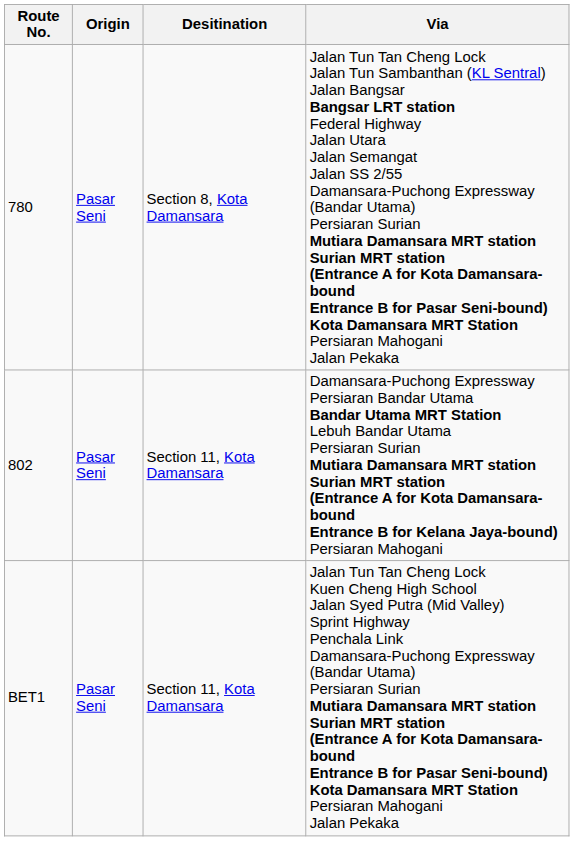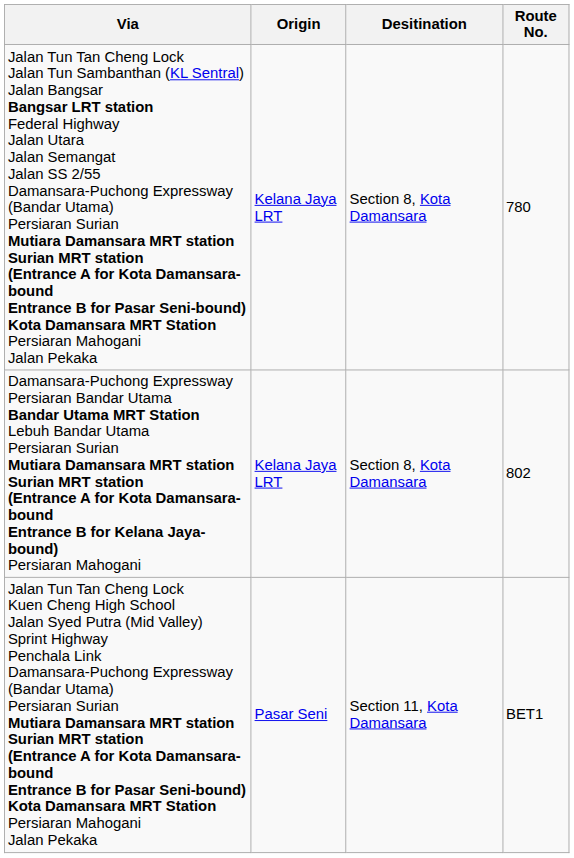 <table class="wikitable">
 <tr>
-<th>Route No.</th>
+<th>Via</th>
 <th>Origin</th>
 <th>Desitination</th>
-<th>Via</th>
+<th>Route No.</th>
 </tr>
 <tr>
+<td>Jalan Tun Tan Cheng Lock <br> Jalan Tun Sambanthan (<a href='#'>KL Sentral</a>)<br> Jalan Bangsar <br>  <strong>Bangsar LRT station</strong> <br> Federal Highway <br> Jalan Utara <br> Jalan Semangat <br> Jalan SS 2/55 <br> Damansara-Puchong Expressway (Bandar Utama)<br> Persiaran Surian <br>  <strong>Mutiara Damansara MRT station</strong> <br>  <strong>Surian MRT station <br> (Entrance A for Kota Damansara-bound <br> Entrance B for Pasar Seni-bound)</strong> <br> <strong>Kota Damansara MRT Station</strong><br> Persiaran Mahogani <br> Jalan Pekaka</td>
+<td> <a href='#'>Kelana Jaya LRT</a></td>
+<td>Section 8, <a href='#'>Kota Damansara</a></td>
 <td>780</td>
-<td> <a href='#'>Pasar Seni</a></td>
-<td>Section 8, <a href='#'>Kota Damansara</a></td>
-<td>Jalan Tun Tan Cheng Lock <br> Jalan Tun Sambanthan (<a href='#'>KL Sentral</a>)<br> Jalan Bangsar <br>  <strong>Bangsar LRT station</strong> <br> Federal Highway <br> Jalan Utara <br> Jalan Semangat <br> Jalan SS 2/55 <br> Damansara-Puchong Expressway (Bandar Utama)<br> Persiaran Surian <br>  <strong>Mutiara Damansara MRT station</strong> <br>  <strong>Surian MRT station <br> (Entrance A for Kota Damansara-bound <br> Entrance B for Pasar Seni-bound)</strong> <br> <strong>Kota Damansara MRT Station</strong><br> Persiaran Mahogani <br> Jalan Pekaka</td>
 </tr>
 <tr>
+<td>Damansara-Puchong Expressway <br> Persiaran Bandar Utama <br> <strong>Bandar Utama MRT Station</strong><br> Lebuh Bandar Utama <br> Persiaran Surian <br>  <strong>Mutiara Damansara MRT station</strong> <br>  <strong>Surian MRT station <br> (Entrance A for Kota Damansara-bound <br> Entrance B for Kelana Jaya-bound)</strong> <br> Persiaran Mahogani</td>
+<td> <a href='#'>Kelana Jaya LRT</a></td>
+<td>Section 8, <a href='#'>Kota Damansara</a></td>
 <td>802</td>
+</tr>
+<tr>
+<td>Jalan Tun Tan Cheng Lock <br> Kuen Cheng High School <br> Jalan Syed Putra (Mid Valley) <br> Sprint Highway <br> Penchala Link <br> Damansara-Puchong Expressway (Bandar Utama) <br> Persiaran Surian <br>  <strong>Mutiara Damansara MRT station</strong> <br>  <strong>Surian MRT station <br> (Entrance A for Kota Damansara-bound <br> Entrance B for Pasar Seni-bound)</strong> <br> <strong>Kota Damansara MRT Station</strong><br> Persiaran Mahogani <br> Jalan Pekaka</td>
 <td> <a href='#'>Pasar Seni</a></td>
 <td>Section 11, <a href='#'>Kota Damansara</a></td>
-<td>Damansara-Puchong Expressway <br> Persiaran Bandar Utama <br> <strong>Bandar Utama MRT Station</strong><br> Lebuh Bandar Utama <br> Persiaran Surian <br>  <strong>Mutiara Damansara MRT station</strong> <br>  <strong>Surian MRT station <br> (Entrance A for Kota Damansara-bound <br> Entrance B for Kelana Jaya-bound)</strong> <br> Persiaran Mahogani</td>
-</tr>
-<tr>
 <td>BET1</td>
-<td> <a href='#'>Pasar Seni</a></td>
-<td>Section 11, <a href='#'>Kota Damansara</a></td>
-<td>Jalan Tun Tan Cheng Lock <br> Kuen Cheng High School <br> Jalan Syed Putra (Mid Valley) <br> Sprint Highway <br> Penchala Link <br> Damansara-Puchong Expressway (Bandar Utama) <br> Persiaran Surian <br>  <strong>Mutiara Damansara MRT station</strong> <br>  <strong>Surian MRT station <br> (Entrance A for Kota Damansara-bound <br> Entrance B for Pasar Seni-bound)</strong> <br> <strong>Kota Damansara MRT Station</strong><br> Persiaran Mahogani <br> Jalan Pekaka</td>
 </tr>
 </table>
